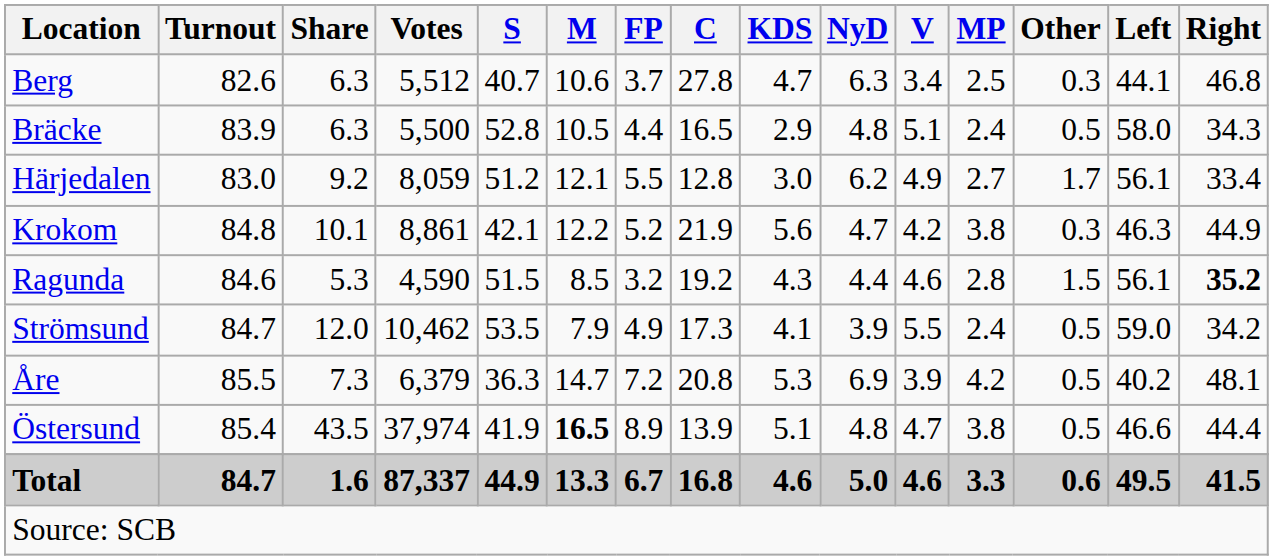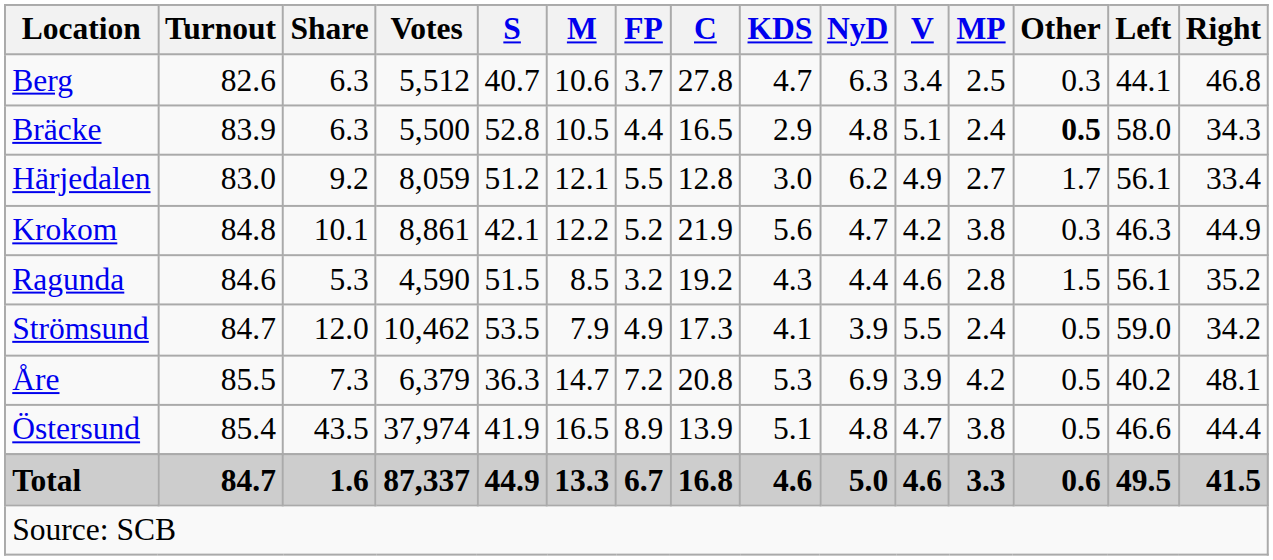 <table class="wikitable sortable" style=text-align:right>
 <tr>
 <th>Location</th>
 <th>Turnout</th>
 <th>Share</th>
 <th>Votes</th>
 <th><a href='#'>S</a></th>
 <th><a href='#'>M</a></th>
 <th><a href='#'>FP</a></th>
 <th><a href='#'>C</a></th>
 <th><a href='#'>KDS</a></th>
 <th><a href='#'>NyD</a></th>
 <th><a href='#'>V</a></th>
 <th><a href='#'>MP</a></th>
 <th>Other</th>
 <th>Left</th>
 <th>Right</th>
 </tr>
 <tr>
 <td align=left><a href='#'>Berg</a></td>
 <td>82.6</td>
 <td>6.3</td>
 <td>5,512</td>
 <td>40.7</td>
 <td>10.6</td>
 <td>3.7</td>
 <td>27.8</td>
 <td>4.7</td>
 <td>6.3</td>
 <td>3.4</td>
 <td>2.5</td>
 <td>0.3</td>
 <td>44.1</td>
 <td>46.8</td>
 </tr>
 <tr>
 <td align=left><a href='#'>Bräcke</a></td>
 <td>83.9</td>
 <td>6.3</td>
 <td>5,500</td>
 <td>52.8</td>
 <td>10.5</td>
 <td>4.4</td>
 <td>16.5</td>
 <td>2.9</td>
 <td>4.8</td>
 <td>5.1</td>
 <td>2.4</td>
-<td>0.5</td>
+<td><strong>0.5</strong></td>
 <td>58.0</td>
 <td>34.3</td>
 </tr>
 <tr>
 <td align=left><a href='#'>Härjedalen</a></td>
 <td>83.0</td>
 <td>9.2</td>
 <td>8,059</td>
 <td>51.2</td>
 <td>12.1</td>
 <td>5.5</td>
 <td>12.8</td>
 <td>3.0</td>
 <td>6.2</td>
 <td>4.9</td>
 <td>2.7</td>
 <td>1.7</td>
 <td>56.1</td>
 <td>33.4</td>
 </tr>
 <tr>
 <td align=left><a href='#'>Krokom</a></td>
 <td>84.8</td>
 <td>10.1</td>
 <td>8,861</td>
 <td>42.1</td>
 <td>12.2</td>
 <td>5.2</td>
 <td>21.9</td>
 <td>5.6</td>
 <td>4.7</td>
 <td>4.2</td>
 <td>3.8</td>
 <td>0.3</td>
 <td>46.3</td>
 <td>44.9</td>
 </tr>
 <tr>
 <td align=left><a href='#'>Ragunda</a></td>
 <td>84.6</td>
 <td>5.3</td>
 <td>4,590</td>
 <td>51.5</td>
 <td>8.5</td>
 <td>3.2</td>
 <td>19.2</td>
 <td>4.3</td>
 <td>4.4</td>
 <td>4.6</td>
 <td>2.8</td>
 <td>1.5</td>
 <td>56.1</td>
-<td><strong>35.2</strong></td>
+<td>35.2</td>
 </tr>
 <tr>
 <td align=left><a href='#'>Strömsund</a></td>
 <td>84.7</td>
 <td>12.0</td>
 <td>10,462</td>
 <td>53.5</td>
 <td>7.9</td>
 <td>4.9</td>
 <td>17.3</td>
 <td>4.1</td>
 <td>3.9</td>
 <td>5.5</td>
 <td>2.4</td>
 <td>0.5</td>
 <td>59.0</td>
 <td>34.2</td>
 </tr>
 <tr>
 <td align=left><a href='#'>Åre</a></td>
 <td>85.5</td>
 <td>7.3</td>
 <td>6,379</td>
 <td>36.3</td>
 <td>14.7</td>
 <td>7.2</td>
 <td>20.8</td>
 <td>5.3</td>
 <td>6.9</td>
 <td>3.9</td>
 <td>4.2</td>
 <td>0.5</td>
 <td>40.2</td>
 <td>48.1</td>
 </tr>
 <tr>
 <td align=left><a href='#'>Östersund</a></td>
 <td>85.4</td>
 <td>43.5</td>
 <td>37,974</td>
 <td>41.9</td>
-<td><strong>16.5</strong></td>
+<td>16.5</td>
 <td>8.9</td>
 <td>13.9</td>
 <td>5.1</td>
 <td>4.8</td>
 <td>4.7</td>
 <td>3.8</td>
 <td>0.5</td>
 <td>46.6</td>
 <td>44.4</td>
 </tr>
 <tr>
 </tr>
 <tr style="background:#CDCDCD;">
 <td align=left><strong>Total</strong></td>
 <td><strong>84.7</strong></td>
 <td><strong>1.6</strong></td>
 <td><strong>87,337</strong></td>
 <td><strong>44.9</strong></td>
 <td><strong>13.3</strong></td>
 <td><strong>6.7</strong></td>
 <td><strong>16.8</strong></td>
 <td><strong>4.6</strong></td>
 <td><strong>5.0</strong></td>
 <td><strong>4.6</strong></td>
 <td><strong>3.3</strong></td>
 <td><strong>0.6</strong></td>
 <td><strong>49.5</strong></td>
 <td><strong>41.5</strong></td>
 </tr>
 <tr>
 <td align=left colspan=15>Source: SCB </td>
 </tr>
 </table>
